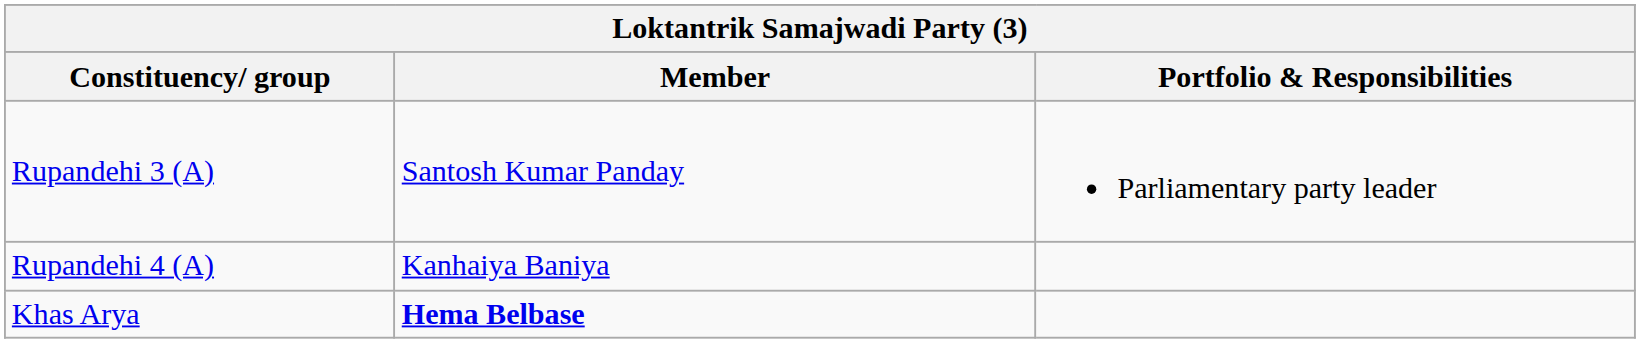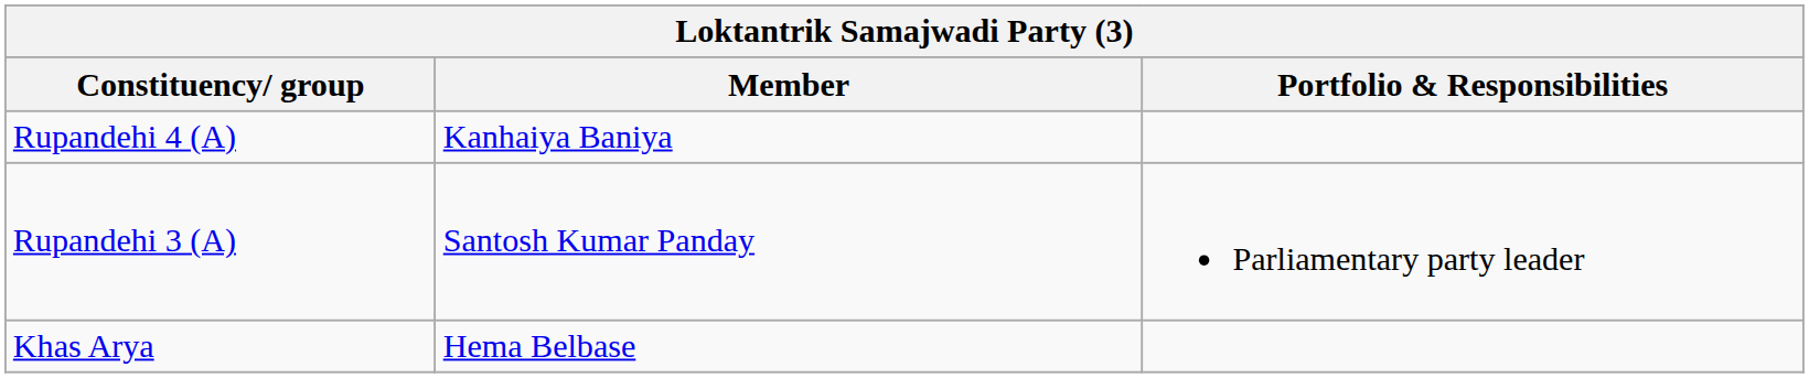 <table class="wikitable sortable">
 <tr>
 <th colspan="3" style="width: 800pt; background:">Loktantrik Samajwadi Party (3)</th>
 </tr>
 <tr>
 <th style="width:150pt;">Constituency/ group</th>
 <th style="width:250pt;">Member</th>
 <th>Portfolio & Responsibilities</th>
 </tr>
 <tr>
+<td><a href='#'>Rupandehi 4 (A)</a></td>
+<td><a href='#'>Kanhaiya Baniya</a></td>
+<td></td>
+</tr>
+<tr>
 <td><a href='#'>Rupandehi 3 (A)</a></td>
 <td><a href='#'>Santosh Kumar Panday</a></td>
 <td><br><ul><li>Parliamentary party leader</li></ul></td>
 </tr>
 <tr>
-<td><a href='#'>Rupandehi 4 (A)</a></td>
-<td><a href='#'>Kanhaiya Baniya</a></td>
-<td></td>
-</tr>
-<tr>
 <td><a href='#'>Khas Arya</a></td>
-<td><strong><a href='#'>Hema Belbase</a></strong></td>
+<td><a href='#'>Hema Belbase</a></td>
 <td></td>
 </tr>
 </table>
